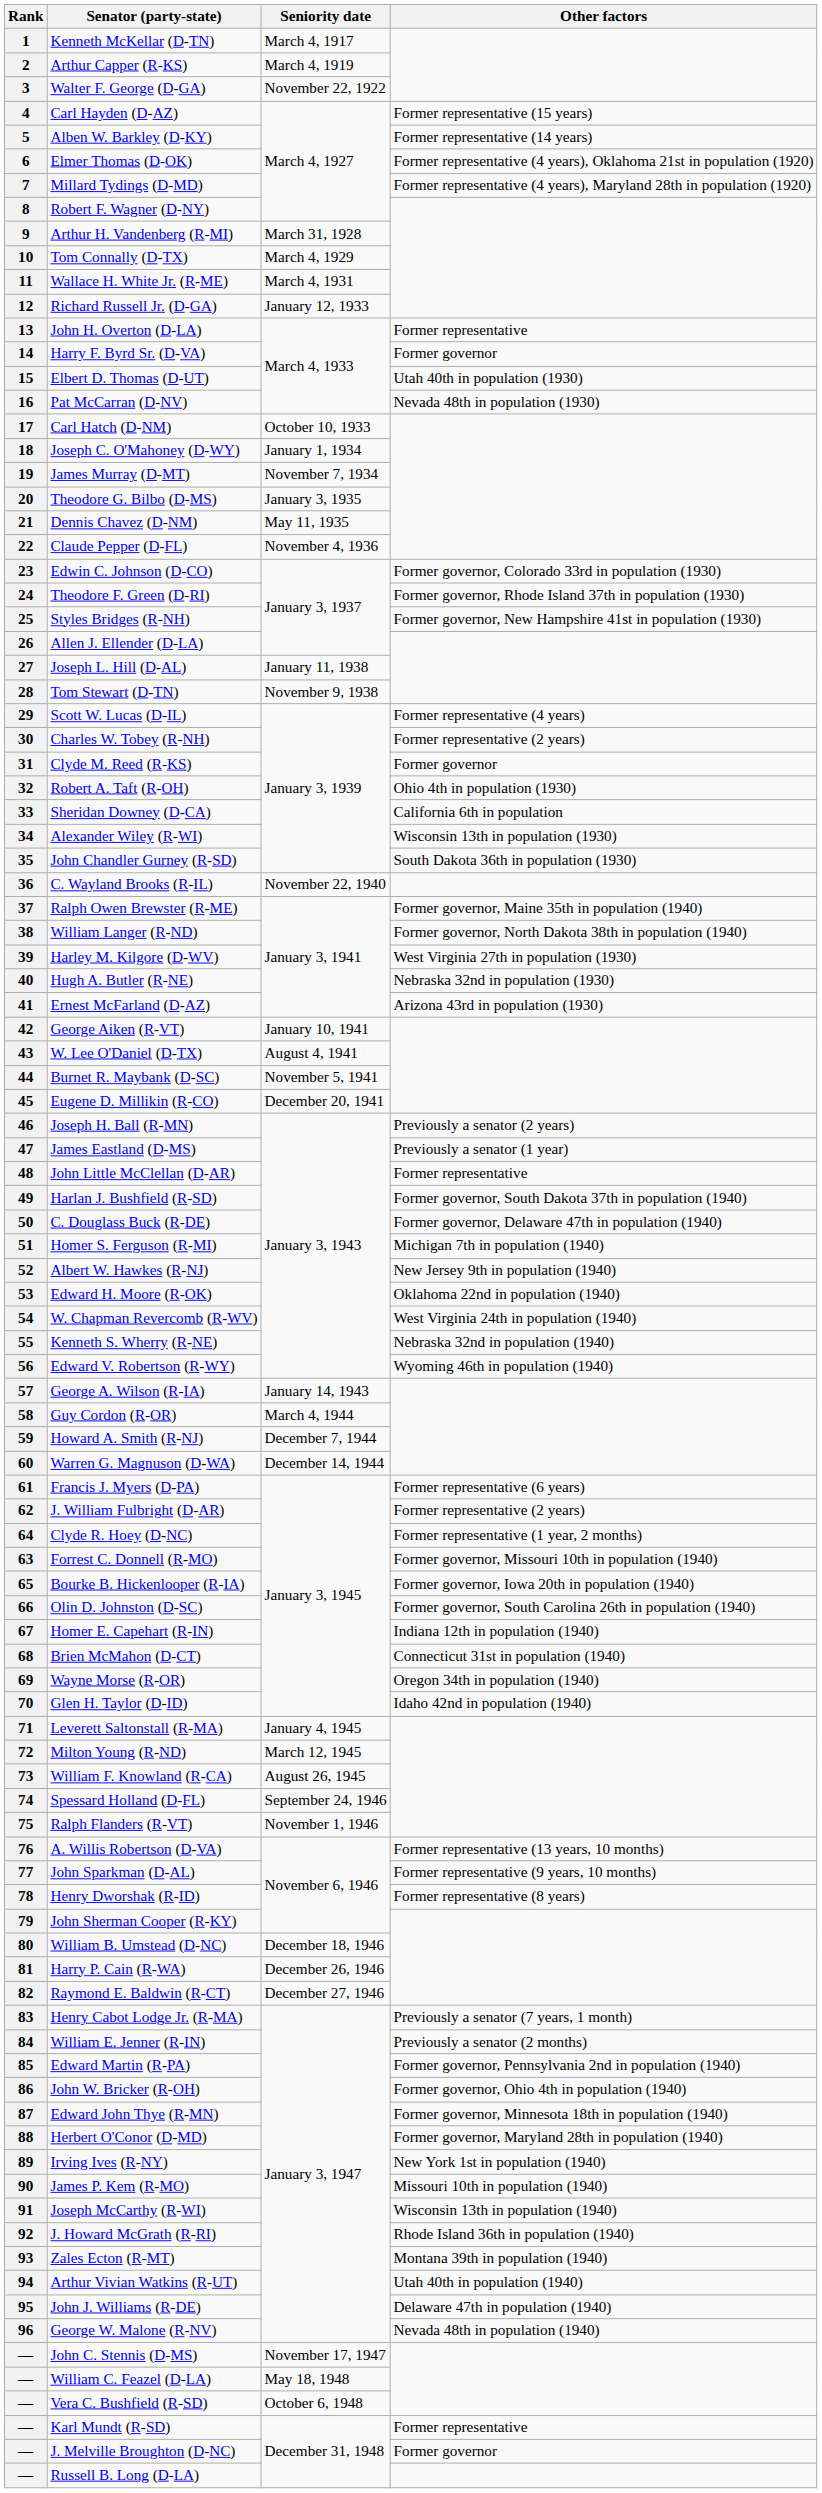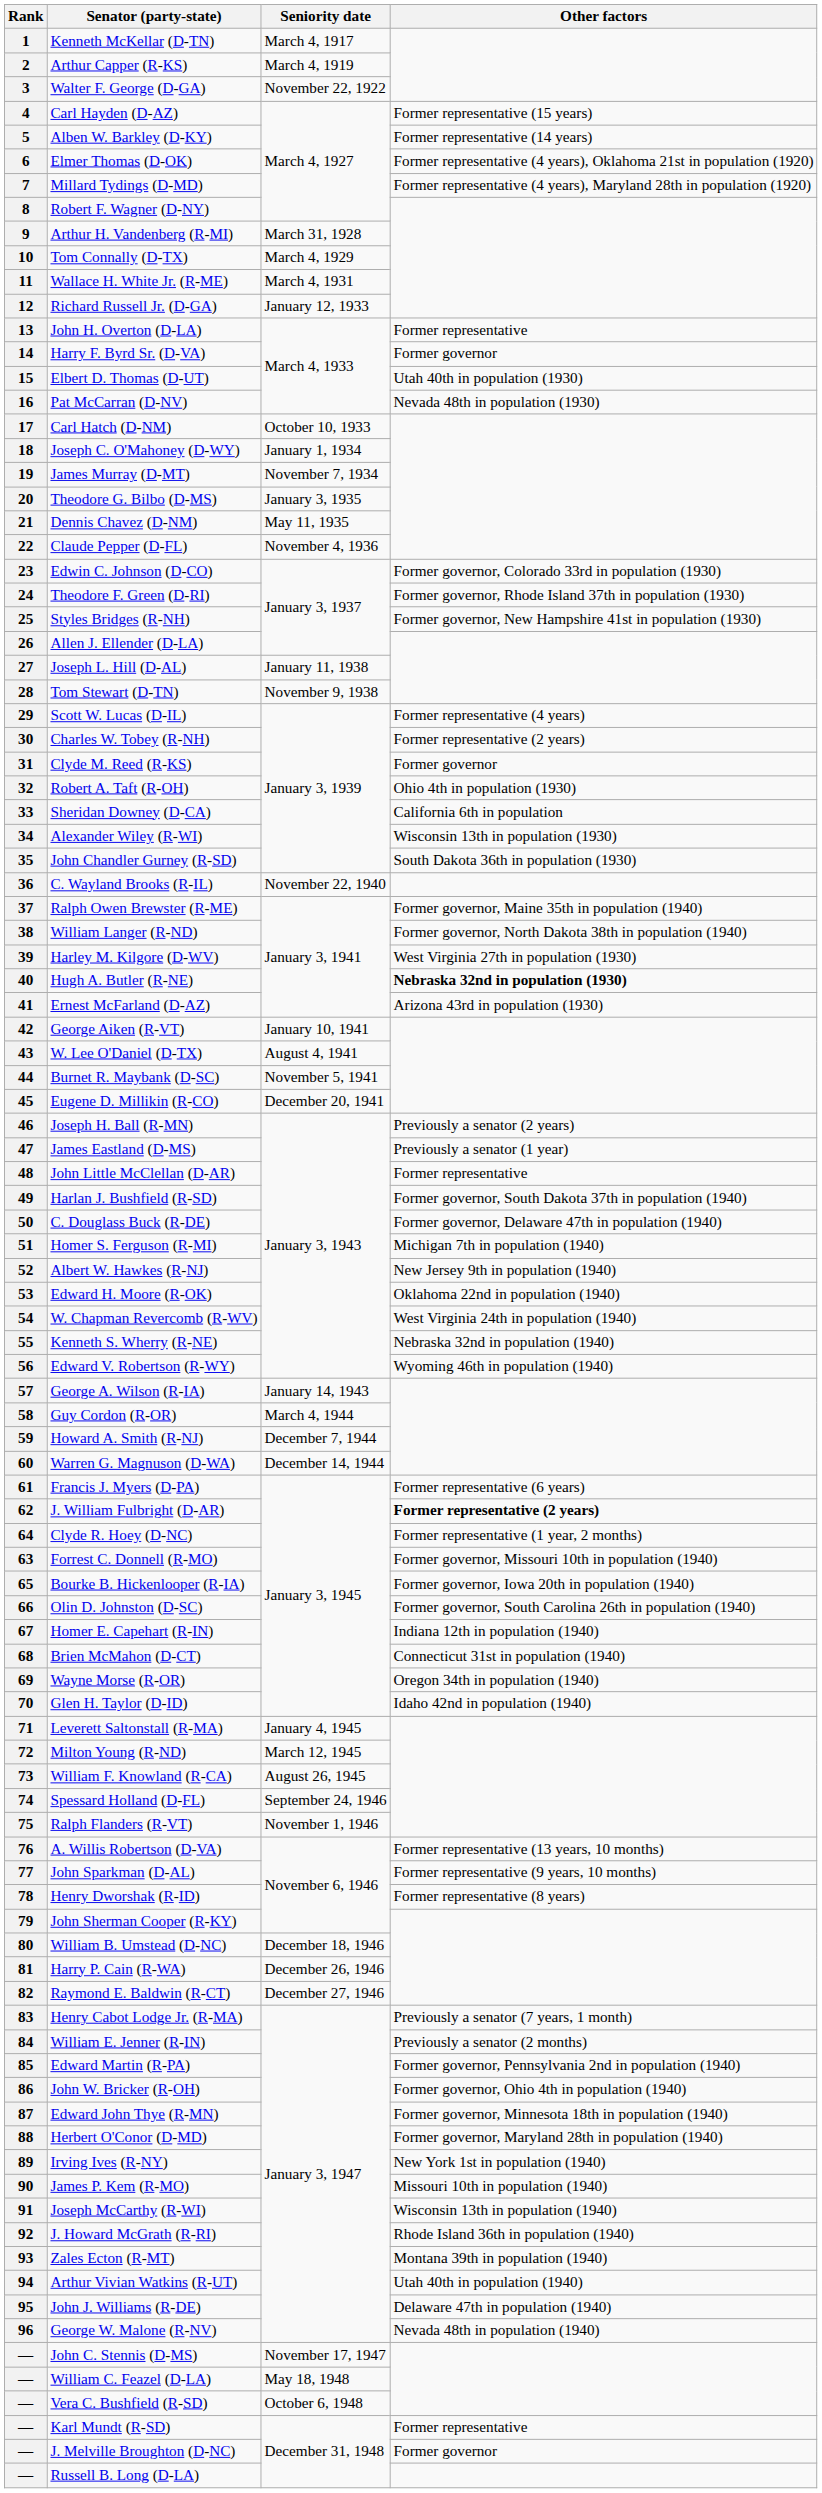 <table class=wikitable>
 <tr valign=bottom>
 <th>Rank</th>
 <th>Senator (party-state)</th>
 <th>Seniority date</th>
 <th>Other factors</th>
 </tr>
 <tr>
 <th>1</th>
 <td><a href='#'>Kenneth McKellar</a> (<a href='#'>D</a>-<a href='#'>TN</a>)</td>
 <td>March 4, 1917</td>
 <td rowspan=3></td>
 </tr>
 <tr>
 <th>2</th>
 <td><a href='#'>Arthur Capper</a> (<a href='#'>R</a>-<a href='#'>KS</a>)</td>
 <td>March 4, 1919</td>
 </tr>
 <tr>
 <th>3</th>
 <td><a href='#'>Walter F. George</a> (<a href='#'>D</a>-<a href='#'>GA</a>)</td>
 <td>November 22, 1922</td>
 </tr>
 <tr>
 <th>4</th>
 <td><a href='#'>Carl Hayden</a> (<a href='#'>D</a>-<a href='#'>AZ</a>)</td>
 <td rowspan= 5>March 4, 1927</td>
 <td>Former representative (15 years)</td>
 </tr>
 <tr>
 <th>5</th>
 <td><a href='#'>Alben W. Barkley</a> (<a href='#'>D</a>-<a href='#'>KY</a>)</td>
 <td>Former representative (14 years)</td>
 </tr>
 <tr>
 <th>6</th>
 <td><a href='#'>Elmer Thomas</a> (<a href='#'>D</a>-<a href='#'>OK</a>)</td>
 <td>Former representative (4 years), Oklahoma 21st in population (1920)</td>
 </tr>
 <tr>
 <th>7</th>
 <td><a href='#'>Millard Tydings</a> (<a href='#'>D</a>-<a href='#'>MD</a>)</td>
 <td>Former representative (4 years), Maryland 28th in population (1920)</td>
 </tr>
 <tr>
 <th>8</th>
 <td><a href='#'>Robert F. Wagner</a> (<a href='#'>D</a>-<a href='#'>NY</a>)</td>
 <td rowspan=5></td>
 </tr>
 <tr>
 <th>9</th>
 <td><a href='#'>Arthur H. Vandenberg</a> (<a href='#'>R</a>-<a href='#'>MI</a>)</td>
 <td>March 31, 1928</td>
 </tr>
 <tr>
 <th>10</th>
 <td><a href='#'>Tom Connally</a> (<a href='#'>D</a>-<a href='#'>TX</a>)</td>
 <td>March 4, 1929</td>
 </tr>
 <tr>
 <th>11</th>
 <td><a href='#'>Wallace H. White Jr.</a> (<a href='#'>R</a>-<a href='#'>ME</a>)</td>
 <td>March 4, 1931</td>
 </tr>
 <tr>
 <th>12</th>
 <td><a href='#'>Richard Russell Jr.</a> (<a href='#'>D</a>-<a href='#'>GA</a>)</td>
 <td>January 12, 1933</td>
 </tr>
 <tr>
 <th>13</th>
 <td><a href='#'>John H. Overton</a> (<a href='#'>D</a>-<a href='#'>LA</a>)</td>
 <td rowspan= 4>March 4, 1933</td>
 <td>Former representative</td>
 </tr>
 <tr>
 <th>14</th>
 <td><a href='#'>Harry F. Byrd Sr.</a> (<a href='#'>D</a>-<a href='#'>VA</a>)</td>
 <td>Former governor</td>
 </tr>
 <tr>
 <th>15</th>
 <td><a href='#'>Elbert D. Thomas</a> (<a href='#'>D</a>-<a href='#'>UT</a>)</td>
 <td>Utah 40th in population (1930)</td>
 </tr>
 <tr>
 <th>16</th>
 <td><a href='#'>Pat McCarran</a> (<a href='#'>D</a>-<a href='#'>NV</a>)</td>
 <td>Nevada 48th in population (1930)</td>
 </tr>
 <tr>
 <th>17</th>
 <td><a href='#'>Carl Hatch</a>  (<a href='#'>D</a>-<a href='#'>NM</a>)</td>
 <td>October 10, 1933</td>
 <td rowspan=6></td>
 </tr>
 <tr>
 <th>18</th>
 <td><a href='#'>Joseph C. O'Mahoney</a> (<a href='#'>D</a>-<a href='#'>WY</a>)</td>
 <td>January 1, 1934</td>
 </tr>
 <tr>
 <th>19</th>
 <td><a href='#'>James Murray</a> (<a href='#'>D</a>-<a href='#'>MT</a>)</td>
 <td>November 7, 1934</td>
 </tr>
 <tr>
 <th>20</th>
 <td><a href='#'>Theodore G. Bilbo</a> (<a href='#'>D</a>-<a href='#'>MS</a>)</td>
 <td>January 3, 1935</td>
 </tr>
 <tr>
 <th>21</th>
 <td><a href='#'>Dennis Chavez</a> (<a href='#'>D</a>-<a href='#'>NM</a>)</td>
 <td>May 11, 1935</td>
 </tr>
 <tr>
 <th>22</th>
 <td><a href='#'>Claude Pepper</a> (<a href='#'>D</a>-<a href='#'>FL</a>)</td>
 <td>November 4, 1936</td>
 </tr>
 <tr>
 <th>23</th>
 <td><a href='#'>Edwin C. Johnson</a> (<a href='#'>D</a>-<a href='#'>CO</a>)</td>
 <td rowspan= 4>January 3, 1937</td>
 <td>Former governor, Colorado 33rd in population (1930)</td>
 </tr>
 <tr>
 <th>24</th>
 <td><a href='#'>Theodore F. Green</a> (<a href='#'>D</a>-<a href='#'>RI</a>)</td>
 <td>Former governor, Rhode Island 37th in population (1930)</td>
 </tr>
 <tr>
 <th>25</th>
 <td><a href='#'>Styles Bridges</a> (<a href='#'>R</a>-<a href='#'>NH</a>)</td>
 <td>Former governor, New Hampshire 41st in population (1930)</td>
 </tr>
 <tr>
 <th>26</th>
 <td><a href='#'>Allen J. Ellender</a> (<a href='#'>D</a>-<a href='#'>LA</a>)</td>
 <td rowspan=3></td>
 </tr>
 <tr>
 <th>27</th>
 <td><a href='#'>Joseph L. Hill</a> (<a href='#'>D</a>-<a href='#'>AL</a>)</td>
 <td>January 11, 1938</td>
 </tr>
 <tr>
 <th>28</th>
 <td><a href='#'>Tom Stewart</a>  (<a href='#'>D</a>-<a href='#'>TN</a>)</td>
 <td>November 9, 1938</td>
 </tr>
 <tr>
 <th>29</th>
 <td><a href='#'>Scott W. Lucas</a> (<a href='#'>D</a>-<a href='#'>IL</a>)</td>
 <td rowspan= 7>January 3, 1939</td>
 <td>Former representative (4 years)</td>
 </tr>
 <tr>
 <th>30</th>
 <td><a href='#'>Charles W. Tobey</a> (<a href='#'>R</a>-<a href='#'>NH</a>)</td>
 <td>Former representative (2 years)</td>
 </tr>
 <tr>
 <th>31</th>
 <td><a href='#'>Clyde M. Reed</a> (<a href='#'>R</a>-<a href='#'>KS</a>)</td>
 <td>Former governor</td>
 </tr>
 <tr>
 <th>32</th>
 <td><a href='#'>Robert A. Taft</a> (<a href='#'>R</a>-<a href='#'>OH</a>)</td>
 <td>Ohio 4th in population (1930)</td>
 </tr>
 <tr>
 <th>33</th>
 <td><a href='#'>Sheridan Downey</a> (<a href='#'>D</a>-<a href='#'>CA</a>)</td>
 <td>California 6th in population</td>
 </tr>
 <tr>
 <th>34</th>
 <td><a href='#'>Alexander Wiley</a> (<a href='#'>R</a>-<a href='#'>WI</a>)</td>
 <td>Wisconsin 13th in population (1930)</td>
 </tr>
 <tr>
 <th>35</th>
 <td><a href='#'>John Chandler Gurney</a> (<a href='#'>R</a>-<a href='#'>SD</a>)</td>
 <td>South Dakota 36th in population (1930)</td>
 </tr>
 <tr>
 <th>36</th>
 <td><a href='#'>C. Wayland Brooks</a> (<a href='#'>R</a>-<a href='#'>IL</a>)</td>
 <td>November 22, 1940</td>
 <td></td>
 </tr>
 <tr>
 <th>37</th>
 <td><a href='#'>Ralph Owen Brewster</a> (<a href='#'>R</a>-<a href='#'>ME</a>)</td>
 <td rowspan= 5>January 3, 1941</td>
 <td>Former governor, Maine 35th in population (1940)</td>
 </tr>
 <tr>
 <th>38</th>
 <td><a href='#'>William Langer</a> (<a href='#'>R</a>-<a href='#'>ND</a>)</td>
 <td>Former governor, North Dakota 38th in population (1940)</td>
 </tr>
 <tr>
 <th>39</th>
 <td><a href='#'>Harley M. Kilgore</a> (<a href='#'>D</a>-<a href='#'>WV</a>)</td>
 <td>West Virginia 27th in population (1930)</td>
 </tr>
 <tr>
 <th>40</th>
 <td><a href='#'>Hugh A. Butler</a> (<a href='#'>R</a>-<a href='#'>NE</a>)</td>
-<td>Nebraska 32nd in population (1930)</td>
+<td><strong>Nebraska 32nd in population (1930)</strong></td>
 </tr>
 <tr>
 <th>41</th>
 <td><a href='#'>Ernest McFarland</a> (<a href='#'>D</a>-<a href='#'>AZ</a>)</td>
 <td>Arizona 43rd in population (1930)</td>
 </tr>
 <tr>
 <th>42</th>
 <td><a href='#'>George Aiken</a> (<a href='#'>R</a>-<a href='#'>VT</a>)</td>
 <td>January 10, 1941</td>
 <td rowspan=4></td>
 </tr>
 <tr>
 <th>43</th>
 <td><a href='#'>W. Lee O'Daniel</a> (<a href='#'>D</a>-<a href='#'>TX</a>)</td>
 <td>August 4, 1941</td>
 </tr>
 <tr>
 <th>44</th>
 <td><a href='#'>Burnet R. Maybank</a> (<a href='#'>D</a>-<a href='#'>SC</a>)</td>
 <td>November 5, 1941</td>
 </tr>
 <tr>
 <th>45</th>
 <td><a href='#'>Eugene D. Millikin</a> (<a href='#'>R</a>-<a href='#'>CO</a>)</td>
 <td>December 20, 1941</td>
 </tr>
 <tr>
 <th>46</th>
 <td><a href='#'>Joseph H. Ball</a> (<a href='#'>R</a>-<a href='#'>MN</a>)</td>
 <td rowspan= 11>January 3, 1943</td>
 <td>Previously a senator (2 years)</td>
 </tr>
 <tr>
 <th>47</th>
 <td><a href='#'>James Eastland</a> (<a href='#'>D</a>-<a href='#'>MS</a>)</td>
 <td>Previously a senator (1 year)</td>
 </tr>
 <tr>
 <th>48</th>
 <td><a href='#'>John Little McClellan</a> (<a href='#'>D</a>-<a href='#'>AR</a>)</td>
 <td>Former representative</td>
 </tr>
 <tr>
 <th>49</th>
 <td><a href='#'>Harlan J. Bushfield</a>  (<a href='#'>R</a>-<a href='#'>SD</a>)</td>
 <td>Former governor, South Dakota 37th in population (1940)</td>
 </tr>
 <tr>
 <th>50</th>
 <td><a href='#'>C. Douglass Buck</a> (<a href='#'>R</a>-<a href='#'>DE</a>)</td>
 <td>Former governor, Delaware 47th in population (1940)</td>
 </tr>
 <tr>
 <th>51</th>
 <td><a href='#'>Homer S. Ferguson</a> (<a href='#'>R</a>-<a href='#'>MI</a>)</td>
 <td>Michigan 7th in population (1940)</td>
 </tr>
 <tr>
 <th>52</th>
 <td><a href='#'>Albert W. Hawkes</a> (<a href='#'>R</a>-<a href='#'>NJ</a>)</td>
 <td>New Jersey 9th in population (1940)</td>
 </tr>
 <tr>
 <th>53</th>
 <td><a href='#'>Edward H. Moore</a> (<a href='#'>R</a>-<a href='#'>OK</a>)</td>
 <td>Oklahoma 22nd in population (1940)</td>
 </tr>
 <tr>
 <th>54</th>
 <td><a href='#'>W. Chapman Revercomb</a> (<a href='#'>R</a>-<a href='#'>WV</a>)</td>
 <td>West Virginia 24th in population (1940)</td>
 </tr>
 <tr>
 <th>55</th>
 <td><a href='#'>Kenneth S. Wherry</a> (<a href='#'>R</a>-<a href='#'>NE</a>)</td>
 <td>Nebraska 32nd in population (1940)</td>
 </tr>
 <tr>
 <th>56</th>
 <td><a href='#'>Edward V. Robertson</a> (<a href='#'>R</a>-<a href='#'>WY</a>)</td>
 <td>Wyoming 46th in population (1940)</td>
 </tr>
 <tr>
 <th>57</th>
 <td><a href='#'>George A. Wilson</a> (<a href='#'>R</a>-<a href='#'>IA</a>)</td>
 <td>January 14, 1943</td>
 <td rowspan=4></td>
 </tr>
 <tr>
 <th>58</th>
 <td><a href='#'>Guy Cordon</a> (<a href='#'>R</a>-<a href='#'>OR</a>)</td>
 <td>March 4, 1944</td>
 </tr>
 <tr>
 <th>59</th>
 <td><a href='#'>Howard A. Smith</a> (<a href='#'>R</a>-<a href='#'>NJ</a>)</td>
 <td>December 7, 1944</td>
 </tr>
 <tr>
 <th>60</th>
 <td><a href='#'>Warren G. Magnuson</a> (<a href='#'>D</a>-<a href='#'>WA</a>)</td>
 <td>December 14, 1944</td>
 </tr>
 <tr>
 <th>61</th>
 <td><a href='#'>Francis J. Myers</a> (<a href='#'>D</a>-<a href='#'>PA</a>)</td>
 <td rowspan= 10>January 3, 1945</td>
 <td>Former representative (6 years)</td>
 </tr>
 <tr>
 <th>62</th>
 <td><a href='#'>J. William Fulbright</a> (<a href='#'>D</a>-<a href='#'>AR</a>)</td>
-<td>Former representative (2 years)</td>
+<td><strong>Former representative (2 years)</strong></td>
 </tr>
 <tr>
 <th>64</th>
 <td><a href='#'>Clyde R. Hoey</a> (<a href='#'>D</a>-<a href='#'>NC</a>)</td>
 <td>Former representative (1 year, 2 months)</td>
 </tr>
 <tr>
 <th>63</th>
 <td><a href='#'>Forrest C. Donnell</a> (<a href='#'>R</a>-<a href='#'>MO</a>)</td>
 <td>Former governor, Missouri 10th in population (1940)</td>
 </tr>
 <tr>
 <th>65</th>
 <td><a href='#'>Bourke B. Hickenlooper</a> (<a href='#'>R</a>-<a href='#'>IA</a>)</td>
 <td>Former governor, Iowa 20th in population (1940)</td>
 </tr>
 <tr>
 <th>66</th>
 <td><a href='#'>Olin D. Johnston</a> (<a href='#'>D</a>-<a href='#'>SC</a>)</td>
 <td>Former governor, South Carolina 26th in population (1940)</td>
 </tr>
 <tr>
 <th>67</th>
 <td><a href='#'>Homer E. Capehart</a> (<a href='#'>R</a>-<a href='#'>IN</a>)</td>
 <td>Indiana 12th in population (1940)</td>
 </tr>
 <tr>
 <th>68</th>
 <td><a href='#'>Brien McMahon</a> (<a href='#'>D</a>-<a href='#'>CT</a>)</td>
 <td>Connecticut 31st in population (1940)</td>
 </tr>
 <tr>
 <th>69</th>
 <td><a href='#'>Wayne Morse</a> (<a href='#'>R</a>-<a href='#'>OR</a>)</td>
 <td>Oregon 34th in population (1940)</td>
 </tr>
 <tr>
 <th>70</th>
 <td><a href='#'>Glen H. Taylor</a> (<a href='#'>D</a>-<a href='#'>ID</a>)</td>
 <td>Idaho 42nd in population (1940)</td>
 </tr>
 <tr>
 <th>71</th>
 <td><a href='#'>Leverett Saltonstall</a> (<a href='#'>R</a>-<a href='#'>MA</a>)</td>
 <td>January 4, 1945</td>
 <td rowspan=5></td>
 </tr>
 <tr>
 <th>72</th>
 <td><a href='#'>Milton Young</a> (<a href='#'>R</a>-<a href='#'>ND</a>)</td>
 <td>March 12, 1945</td>
 </tr>
 <tr>
 <th>73</th>
 <td><a href='#'>William F. Knowland</a> (<a href='#'>R</a>-<a href='#'>CA</a>)</td>
 <td>August 26, 1945</td>
 </tr>
 <tr>
 <th>74</th>
 <td><a href='#'>Spessard Holland</a> (<a href='#'>D</a>-<a href='#'>FL</a>)</td>
 <td>September 24, 1946</td>
 </tr>
 <tr>
 <th>75</th>
 <td><a href='#'>Ralph Flanders</a> (<a href='#'>R</a>-<a href='#'>VT</a>)</td>
 <td>November 1, 1946</td>
 </tr>
 <tr>
 <th>76</th>
 <td><a href='#'>A. Willis Robertson</a> (<a href='#'>D</a>-<a href='#'>VA</a>)</td>
 <td rowspan= 4>November 6, 1946</td>
 <td>Former representative (13 years, 10 months)</td>
 </tr>
 <tr>
 <th>77</th>
 <td><a href='#'>John Sparkman</a> (<a href='#'>D</a>-<a href='#'>AL</a>)</td>
 <td>Former representative (9 years, 10 months)</td>
 </tr>
 <tr>
 <th>78</th>
 <td><a href='#'>Henry Dworshak</a> (<a href='#'>R</a>-<a href='#'>ID</a>)</td>
 <td>Former representative (8 years)</td>
 </tr>
 <tr>
 <th>79</th>
 <td><a href='#'>John Sherman Cooper</a> (<a href='#'>R</a>-<a href='#'>KY</a>)</td>
 <td rowspan=4></td>
 </tr>
 <tr>
 <th>80</th>
 <td><a href='#'>William B. Umstead</a> (<a href='#'>D</a>-<a href='#'>NC</a>)</td>
 <td>December 18, 1946</td>
 </tr>
 <tr>
 <th>81</th>
 <td><a href='#'>Harry P. Cain</a> (<a href='#'>R</a>-<a href='#'>WA</a>)</td>
 <td>December 26, 1946</td>
 </tr>
 <tr>
 <th>82</th>
 <td><a href='#'>Raymond E. Baldwin</a> (<a href='#'>R</a>-<a href='#'>CT</a>)</td>
 <td>December 27, 1946</td>
 </tr>
 <tr>
 <th>83</th>
 <td><a href='#'>Henry Cabot Lodge Jr.</a> (<a href='#'>R</a>-<a href='#'>MA</a>)</td>
 <td rowspan= 14>January 3, 1947</td>
 <td>Previously a senator (7 years, 1 month)</td>
 </tr>
 <tr>
 <th>84</th>
 <td><a href='#'>William E. Jenner</a> (<a href='#'>R</a>-<a href='#'>IN</a>)</td>
 <td>Previously a senator (2 months)</td>
 </tr>
 <tr>
 <th>85</th>
 <td><a href='#'>Edward Martin</a> (<a href='#'>R</a>-<a href='#'>PA</a>)</td>
 <td>Former governor, Pennsylvania 2nd in population (1940)</td>
 </tr>
 <tr>
 <th>86</th>
 <td><a href='#'>John W. Bricker</a> (<a href='#'>R</a>-<a href='#'>OH</a>)</td>
 <td>Former governor, Ohio 4th in population (1940)</td>
 </tr>
 <tr>
 <th>87</th>
 <td><a href='#'>Edward John Thye</a> (<a href='#'>R</a>-<a href='#'>MN</a>)</td>
 <td>Former governor, Minnesota 18th in population (1940)</td>
 </tr>
 <tr>
 <th>88</th>
 <td><a href='#'>Herbert O'Conor</a> (<a href='#'>D</a>-<a href='#'>MD</a>)</td>
 <td>Former governor, Maryland 28th in population (1940)</td>
 </tr>
 <tr>
 <th>89</th>
 <td><a href='#'>Irving Ives</a> (<a href='#'>R</a>-<a href='#'>NY</a>)</td>
 <td>New York 1st in population (1940)</td>
 </tr>
 <tr>
 <th>90</th>
 <td><a href='#'>James P. Kem</a> (<a href='#'>R</a>-<a href='#'>MO</a>)</td>
 <td>Missouri 10th in population (1940)</td>
 </tr>
 <tr>
 <th>91</th>
 <td><a href='#'>Joseph McCarthy</a> (<a href='#'>R</a>-<a href='#'>WI</a>)</td>
 <td>Wisconsin 13th in population (1940)</td>
 </tr>
 <tr>
 <th>92</th>
 <td><a href='#'>J. Howard McGrath</a> (<a href='#'>R</a>-<a href='#'>RI</a>)</td>
 <td>Rhode Island 36th in population (1940)</td>
 </tr>
 <tr>
 <th>93</th>
 <td><a href='#'>Zales Ecton</a> (<a href='#'>R</a>-<a href='#'>MT</a>)</td>
 <td>Montana 39th in population (1940)</td>
 </tr>
 <tr>
 <th>94</th>
 <td><a href='#'>Arthur Vivian Watkins</a> (<a href='#'>R</a>-<a href='#'>UT</a>)</td>
 <td>Utah 40th in population (1940)</td>
 </tr>
 <tr>
 <th>95</th>
 <td><a href='#'>John J. Williams</a> (<a href='#'>R</a>-<a href='#'>DE</a>)</td>
 <td>Delaware 47th in population (1940)</td>
 </tr>
 <tr>
 <th>96</th>
 <td><a href='#'>George W. Malone</a> (<a href='#'>R</a>-<a href='#'>NV</a>)</td>
 <td>Nevada 48th in population (1940)</td>
 </tr>
 <tr>
 <th>—</th>
 <td><a href='#'>John C. Stennis</a> (<a href='#'>D</a>-<a href='#'>MS</a>)</td>
 <td>November 17, 1947</td>
 <td rowspan=3></td>
 </tr>
 <tr>
 <th>—</th>
 <td><a href='#'>William C. Feazel</a> (<a href='#'>D</a>-<a href='#'>LA</a>)</td>
 <td>May 18, 1948</td>
 </tr>
 <tr>
 <th>—</th>
 <td><a href='#'>Vera C. Bushfield</a> (<a href='#'>R</a>-<a href='#'>SD</a>)</td>
 <td>October 6, 1948</td>
 </tr>
 <tr>
 <th>—</th>
 <td><a href='#'>Karl Mundt</a> (<a href='#'>R</a>-<a href='#'>SD</a>)</td>
 <td rowspan= 3>December 31, 1948</td>
 <td>Former representative</td>
 </tr>
 <tr>
 <th>—</th>
 <td><a href='#'>J. Melville Broughton</a> (<a href='#'>D</a>-<a href='#'>NC</a>)</td>
 <td>Former governor</td>
 </tr>
 <tr>
 <th>—</th>
 <td><a href='#'>Russell B. Long</a> (<a href='#'>D</a>-<a href='#'>LA</a>)</td>
 <td></td>
 </tr>
 </table>
